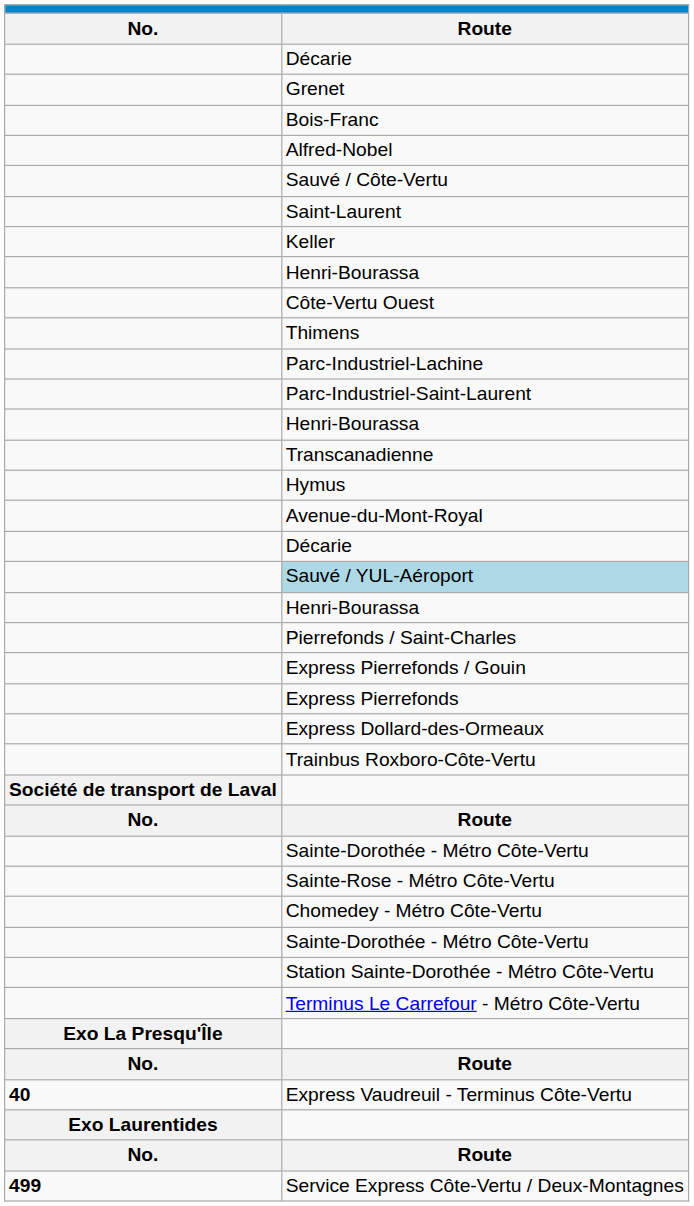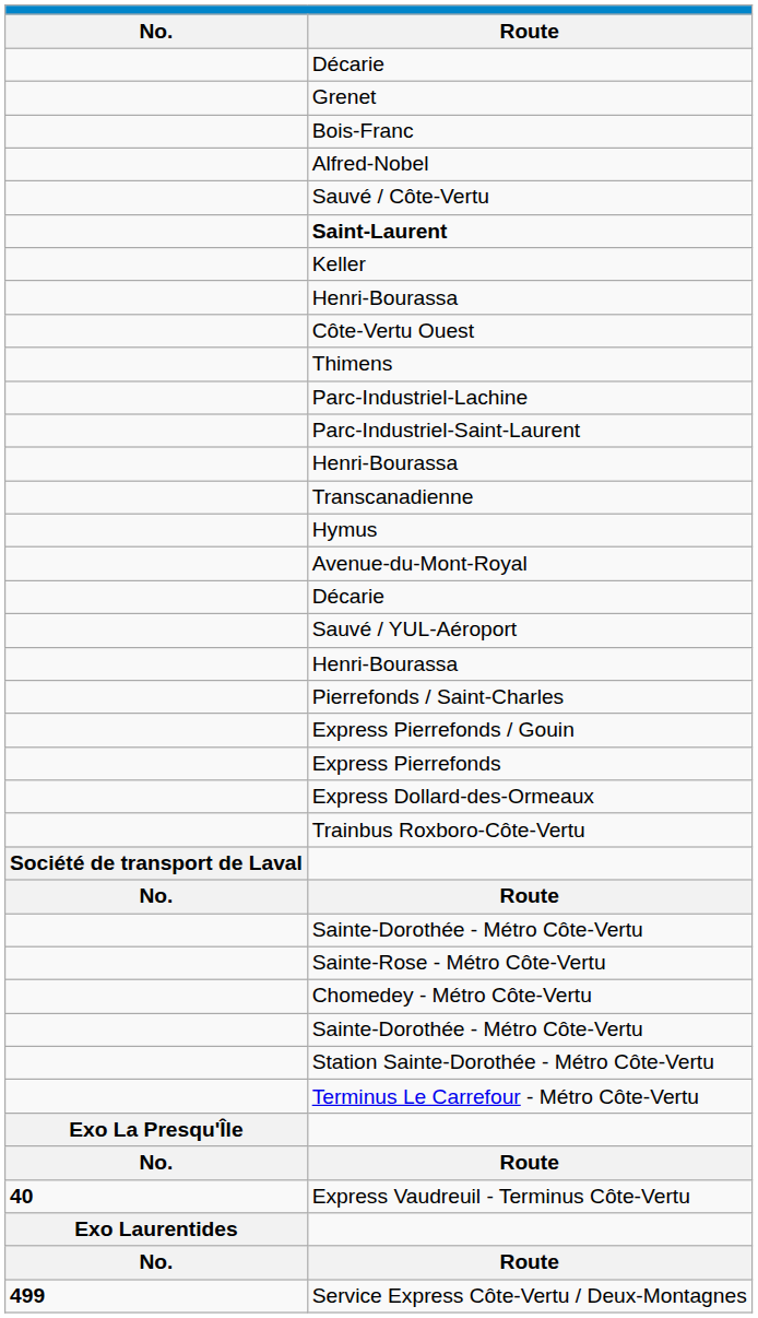 <table align=center class="wikitable">
 <tr>
 <th style="background: #0085CA; font-size:100%; color:#FFFFFF;"colspan="4"><a href='#'></a></th>
 </tr>
 <tr>
 <th>No.</th>
 <th>Route</th>
 </tr>
 <tr>
 <td></td>
 <td>Décarie</td>
 </tr>
 <tr>
 <td {{Avoid wrap> </td>
 <td>Grenet</td>
 </tr>
 <tr>
 <td></td>
 <td>Bois-Franc</td>
 </tr>
 <tr>
 <td></td>
 <td>Alfred-Nobel</td>
 </tr>
 <tr>
 <td {{Avoid wrap> </td>
 <td>Sauvé / Côte-Vertu</td>
 </tr>
 <tr>
 <td></td>
-<td>Saint-Laurent</td>
+<td><strong>Saint-Laurent</strong></td>
 </tr>
 <tr>
 <td></td>
 <td>Keller</td>
 </tr>
 <tr>
 <td {{Avoid wrap> </td>
 <td>Henri-Bourassa</td>
 </tr>
 <tr>
 <td></td>
 <td>Côte-Vertu Ouest</td>
 </tr>
 <tr>
 <td></td>
 <td>Thimens</td>
 </tr>
 <tr>
 <td {{Avoid wrap> </td>
 <td>Parc-Industriel-Lachine</td>
 </tr>
 <tr>
 <td></td>
 <td>Parc-Industriel-Saint-Laurent</td>
 </tr>
 <tr>
 <td></td>
 <td>Henri-Bourassa</td>
 </tr>
 <tr>
 <td></td>
 <td>Transcanadienne</td>
 </tr>
 <tr>
 <td></td>
 <td>Hymus</td>
 </tr>
 <tr>
 <td {{Avoid wrap> </td>
 <td>Avenue-du-Mont-Royal</td>
 </tr>
 <tr>
 <td {{Avoid wrap> </td>
 <td>Décarie</td>
 </tr>
 <tr>
 <td {{Avoid wrap> </td>
-<td style="background: lightblue;">Sauvé / YUL-Aéroport</td>
+<td>Sauvé / YUL-Aéroport</td>
 </tr>
 <tr>
 <td {{Avoid wrap> </td>
 <td>Henri-Bourassa</td>
 </tr>
 <tr>
 <td {{Avoid wrap> </td>
 <td>Pierrefonds / Saint-Charles</td>
 </tr>
 <tr>
 <td></td>
 <td>Express Pierrefonds / Gouin</td>
 </tr>
 <tr>
 <td {{Avoid wrap> </td>
 <td>Express Pierrefonds</td>
 </tr>
 <tr>
 <td></td>
 <td>Express Dollard-des-Ormeaux</td>
 </tr>
 <tr>
 <td></td>
 <td>Trainbus Roxboro-Côte-Vertu</td>
 </tr>
 <tr>
 <th style="background: #">Société de transport de Laval</th>
 </tr>
 <tr>
 <th>No.</th>
 <th>Route</th>
 </tr>
 <tr>
 <td></td>
 <td>Sainte-Dorothée - Métro Côte-Vertu</td>
 </tr>
 <tr>
 <td></td>
 <td>Sainte-Rose - Métro Côte-Vertu</td>
 </tr>
 <tr>
 <td></td>
 <td>Chomedey - Métro Côte-Vertu</td>
 </tr>
 <tr>
 <td></td>
 <td>Sainte-Dorothée - Métro Côte-Vertu</td>
 </tr>
 <tr>
 <td></td>
 <td>Station Sainte-Dorothée - Métro Côte-Vertu</td>
 </tr>
 <tr>
 <td></td>
 <td><a href='#'>Terminus Le Carrefour</a> - Métro Côte-Vertu</td>
 </tr>
 <tr>
 <th style="background: #">Exo La Presqu'Île</th>
 </tr>
 <tr>
 <th>No.</th>
 <th>Route</th>
 </tr>
 <tr>
 <td {{border> <strong>40</strong></td>
 <td>Express Vaudreuil - Terminus Côte-Vertu</td>
 </tr>
 <tr>
 <th style="background: #">Exo Laurentides</th>
 </tr>
 <tr>
 <th>No.</th>
 <th>Route</th>
 </tr>
 <tr>
 <td {{border> <strong>499</strong></td>
 <td>Service Express Côte-Vertu / Deux-Montagnes</td>
 </tr>
 </table>
